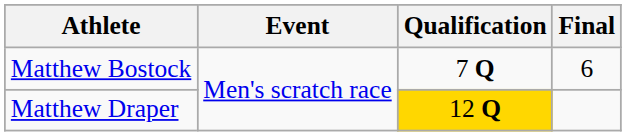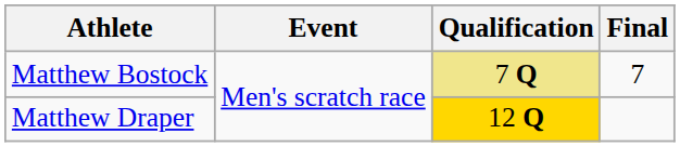 <table class="wikitable" style="font-size:90%;">
 <tr>
 <th>Athlete</th>
 <th>Event</th>
 <th>Qualification</th>
 <th>Final</th>
 </tr>
 <tr align=center>
 <td align=left><a href='#'>Matthew Bostock</a></td>
 <td align=left rowspan=2><a href='#'>Men's scratch race</a></td>
-<td>7 <strong>Q</strong></td>
-<td>6</td>
+<td style="background: khaki;">7 <strong>Q</strong></td>
+<td>7</td>
 </tr>
 <tr align=center>
 <td align=left><a href='#'>Matthew Draper</a></td>
 <td style="background: gold;">12 <strong>Q</strong></td>
 <td></td>
 </tr>
 </table>
